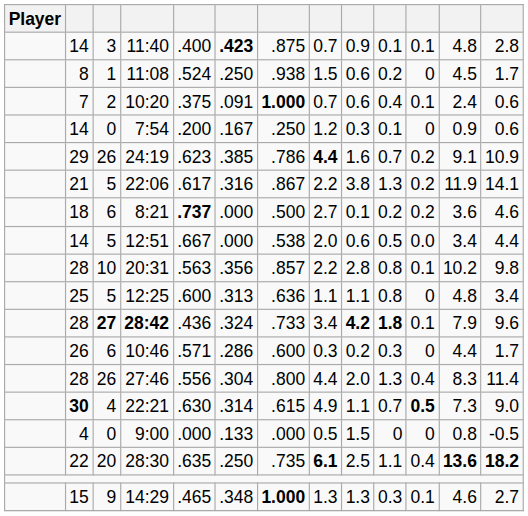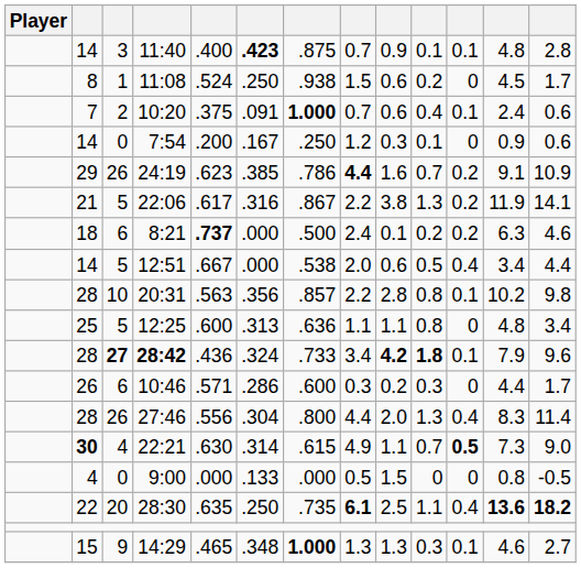 <table class="wikitable sortable" style="font-size:95%; text-align:right;">
 <tr>
 <th>Player</th>
 <th></th>
 <th></th>
 <th></th>
 <th></th>
 <th></th>
 <th></th>
 <th></th>
 <th></th>
 <th></th>
 <th></th>
 <th></th>
 <th></th>
 </tr>
 <tr>
 <td><strong></strong></td>
 <td>14</td>
 <td>3</td>
 <td>11:40</td>
 <td>.400</td>
 <td><strong>.423</strong></td>
 <td>.875</td>
 <td>0.7</td>
 <td>0.9</td>
 <td>0.1</td>
 <td>0.1</td>
 <td>4.8</td>
 <td>2.8</td>
 </tr>
 <tr>
 <td><strong></strong></td>
 <td>8</td>
 <td>1</td>
 <td>11:08</td>
 <td>.524</td>
 <td>.250</td>
 <td>.938</td>
 <td>1.5</td>
 <td>0.6</td>
 <td>0.2</td>
 <td>0</td>
 <td>4.5</td>
 <td>1.7</td>
 </tr>
 <tr>
 <td><strong></strong></td>
 <td>7</td>
 <td>2</td>
 <td>10:20</td>
 <td>.375</td>
 <td>.091</td>
 <td><strong>1.000</strong></td>
 <td>0.7</td>
 <td>0.6</td>
 <td>0.4</td>
 <td>0.1</td>
 <td>2.4</td>
 <td>0.6</td>
 </tr>
 <tr>
 <td><strong></strong></td>
 <td>14</td>
 <td>0</td>
 <td>7:54</td>
 <td>.200</td>
 <td>.167</td>
 <td>.250</td>
 <td>1.2</td>
 <td>0.3</td>
 <td>0.1</td>
 <td>0</td>
 <td>0.9</td>
 <td>0.6</td>
 </tr>
 <tr>
 <td><strong></strong></td>
 <td>29</td>
 <td>26</td>
 <td>24:19</td>
 <td>.623</td>
 <td>.385</td>
 <td>.786</td>
 <td><strong>4.4</strong></td>
 <td>1.6</td>
 <td>0.7</td>
 <td>0.2</td>
 <td>9.1</td>
 <td>10.9</td>
 </tr>
 <tr>
 <td><strong></strong></td>
 <td>21</td>
 <td>5</td>
 <td>22:06</td>
 <td>.617</td>
 <td>.316</td>
 <td>.867</td>
 <td>2.2</td>
 <td>3.8</td>
 <td>1.3</td>
 <td>0.2</td>
 <td>11.9</td>
 <td>14.1</td>
 </tr>
 <tr>
 <td><strong></strong></td>
 <td>18</td>
 <td>6</td>
 <td>8:21</td>
 <td><strong>.737</strong></td>
 <td>.000</td>
 <td>.500</td>
-<td>2.7</td>
+<td>2.4</td>
 <td>0.1</td>
 <td>0.2</td>
 <td>0.2</td>
-<td>3.6</td>
+<td>6.3</td>
 <td>4.6</td>
 </tr>
 <tr>
 <td><strong></strong></td>
 <td>14</td>
 <td>5</td>
 <td>12:51</td>
 <td>.667</td>
 <td>.000</td>
 <td>.538</td>
 <td>2.0</td>
 <td>0.6</td>
 <td>0.5</td>
-<td>0.0</td>
+<td>0.4</td>
 <td>3.4</td>
 <td>4.4</td>
 </tr>
 <tr>
 <td><strong></strong></td>
 <td>28</td>
 <td>10</td>
 <td>20:31</td>
 <td>.563</td>
 <td>.356</td>
 <td>.857</td>
 <td>2.2</td>
 <td>2.8</td>
 <td>0.8</td>
 <td>0.1</td>
 <td>10.2</td>
 <td>9.8</td>
 </tr>
 <tr>
 <td><strong></strong></td>
 <td>25</td>
 <td>5</td>
 <td>12:25</td>
 <td>.600</td>
 <td>.313</td>
 <td>.636</td>
 <td>1.1</td>
 <td>1.1</td>
 <td>0.8</td>
 <td>0</td>
 <td>4.8</td>
 <td>3.4</td>
 </tr>
 <tr>
 <td><strong></strong></td>
 <td>28</td>
 <td><strong>27</strong></td>
 <td><strong>28:42</strong></td>
 <td>.436</td>
 <td>.324</td>
 <td>.733</td>
 <td>3.4</td>
 <td><strong>4.2</strong></td>
 <td><strong>1.8</strong></td>
 <td>0.1</td>
 <td>7.9</td>
 <td>9.6</td>
 </tr>
 <tr>
 <td><strong></strong></td>
 <td>26</td>
 <td>6</td>
 <td>10:46</td>
 <td>.571</td>
 <td>.286</td>
 <td>.600</td>
 <td>0.3</td>
 <td>0.2</td>
 <td>0.3</td>
 <td>0</td>
 <td>4.4</td>
 <td>1.7</td>
 </tr>
 <tr>
 <td><strong></strong></td>
 <td>28</td>
 <td>26</td>
 <td>27:46</td>
 <td>.556</td>
 <td>.304</td>
 <td>.800</td>
 <td>4.4</td>
 <td>2.0</td>
 <td>1.3</td>
 <td>0.4</td>
 <td>8.3</td>
 <td>11.4</td>
 </tr>
 <tr>
 <td><strong></strong></td>
 <td><strong>30</strong></td>
 <td>4</td>
 <td>22:21</td>
 <td>.630</td>
 <td>.314</td>
 <td>.615</td>
 <td>4.9</td>
 <td>1.1</td>
 <td>0.7</td>
 <td><strong>0.5</strong></td>
 <td>7.3</td>
 <td>9.0</td>
 </tr>
 <tr>
 <td><strong></strong></td>
 <td>4</td>
 <td>0</td>
 <td>9:00</td>
 <td>.000</td>
 <td>.133</td>
 <td>.000</td>
 <td>0.5</td>
 <td>1.5</td>
 <td>0</td>
 <td>0</td>
 <td>0.8</td>
 <td>-0.5</td>
 </tr>
 <tr>
 <td><strong></strong></td>
 <td>22</td>
 <td>20</td>
 <td>28:30</td>
 <td>.635</td>
 <td>.250</td>
 <td>.735</td>
 <td><strong>6.1</strong></td>
 <td>2.5</td>
 <td>1.1</td>
 <td>0.4</td>
 <td><strong>13.6</strong></td>
 <td><strong>18.2</strong></td>
 </tr>
 <tr class="sortbottom">
 <td colspan=13></td>
 </tr>
 <tr>
 <td><em></em></td>
 <td>15</td>
 <td>9</td>
 <td>14:29</td>
 <td>.465</td>
 <td>.348</td>
 <td><strong>1.000</strong></td>
 <td>1.3</td>
 <td>1.3</td>
 <td>0.3</td>
 <td>0.1</td>
 <td>4.6</td>
 <td>2.7</td>
 </tr>
 <tr>
 </tr>
 </table>
